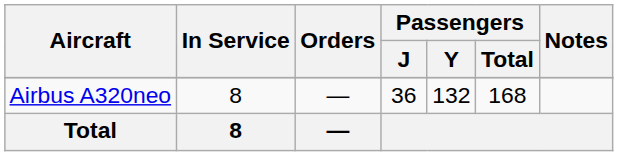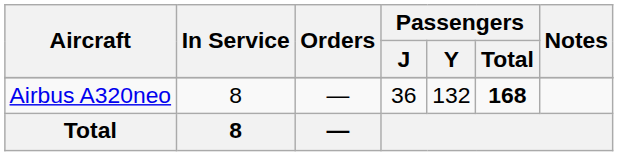 <table class="wikitable" style="border-collapse:collapse;margin:auto;text-align:center">
 <tr>
 <th rowspan="2">Aircraft</th>
 <th rowspan="2">In Service</th>
 <th rowspan="2">Orders</th>
 <th colspan="3">Passengers</th>
 <th rowspan="2">Notes</th>
 </tr>
 <tr>
 <th style="width:25px;"><abbr>J</abbr></th>
 <th style="width:25px;"><abbr>Y</abbr></th>
 <th style="width:25px;">Total</th>
 </tr>
 <tr>
 </tr>
 <tr>
 <td><a href='#'>Airbus A320neo</a></td>
 <td>8</td>
 <td>—</td>
 <td>36</td>
 <td>132</td>
-<td>168</td>
+<td><strong>168</strong></td>
 <td></td>
 </tr>
 <tr>
 <th>Total</th>
 <th>8</th>
 <th>—</th>
 <th colspan=4></th>
 </tr>
 </table>
